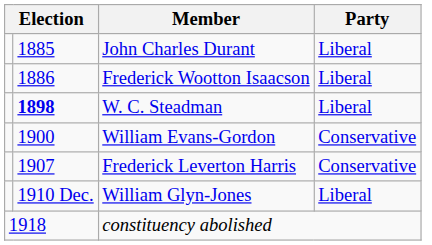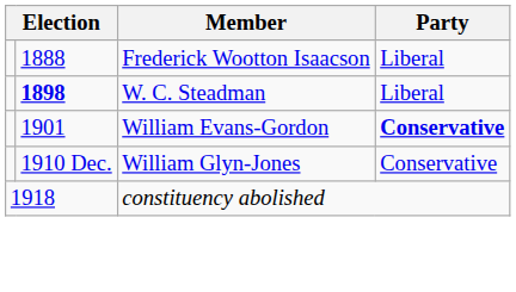 <table class="wikitable">
 <tr>
 <th colspan="2">Election</th>
 <th>Member</th>
 <th>Party</th>
 </tr>
 <tr>
 <td style="color:inherit;background-color: "></td>
-<td><a href='#'>1885</a></td>
-<td><a href='#'>John Charles Durant</a></td>
-<td><a href='#'>Liberal</a></td>
-</tr>
-<tr>
-<td style="color:inherit;background-color: "></td>
-<td><a href='#'>1886</a></td>
+<td><a href='#'>1888</a></td>
 <td><a href='#'>Frederick Wootton Isaacson</a></td>
 <td><a href='#'>Liberal</a></td>
 </tr>
 <tr>
 <td style="color:inherit;background-color: "></td>
 <td><strong><a href='#'>1898</a></strong></td>
 <td><a href='#'>W. C. Steadman</a></td>
 <td><a href='#'>Liberal</a></td>
 </tr>
 <tr>
 <td style="color:inherit;background-color: "></td>
-<td><a href='#'>1900</a></td>
+<td><a href='#'>1901</a></td>
 <td><a href='#'>William Evans-Gordon</a></td>
-<td><a href='#'>Conservative</a></td>
-</tr>
-<tr>
-<td style="color:inherit;background-color: "></td>
-<td><a href='#'>1907</a></td>
-<td><a href='#'>Frederick Leverton Harris</a></td>
-<td><a href='#'>Conservative</a></td>
+<td><strong><a href='#'>Conservative</a></strong></td>
 </tr>
 <tr>
 <td style="color:inherit;background-color: "></td>
 <td><a href='#'>1910 Dec.</a></td>
 <td><a href='#'>William Glyn-Jones</a></td>
-<td><a href='#'>Liberal</a></td>
+<td><a href='#'>Conservative</a></td>
 </tr>
 <tr>
 <td colspan="2"><a href='#'>1918</a></td>
 <td colspan="2"><em>constituency abolished</em></td>
 </tr>
 </table>
